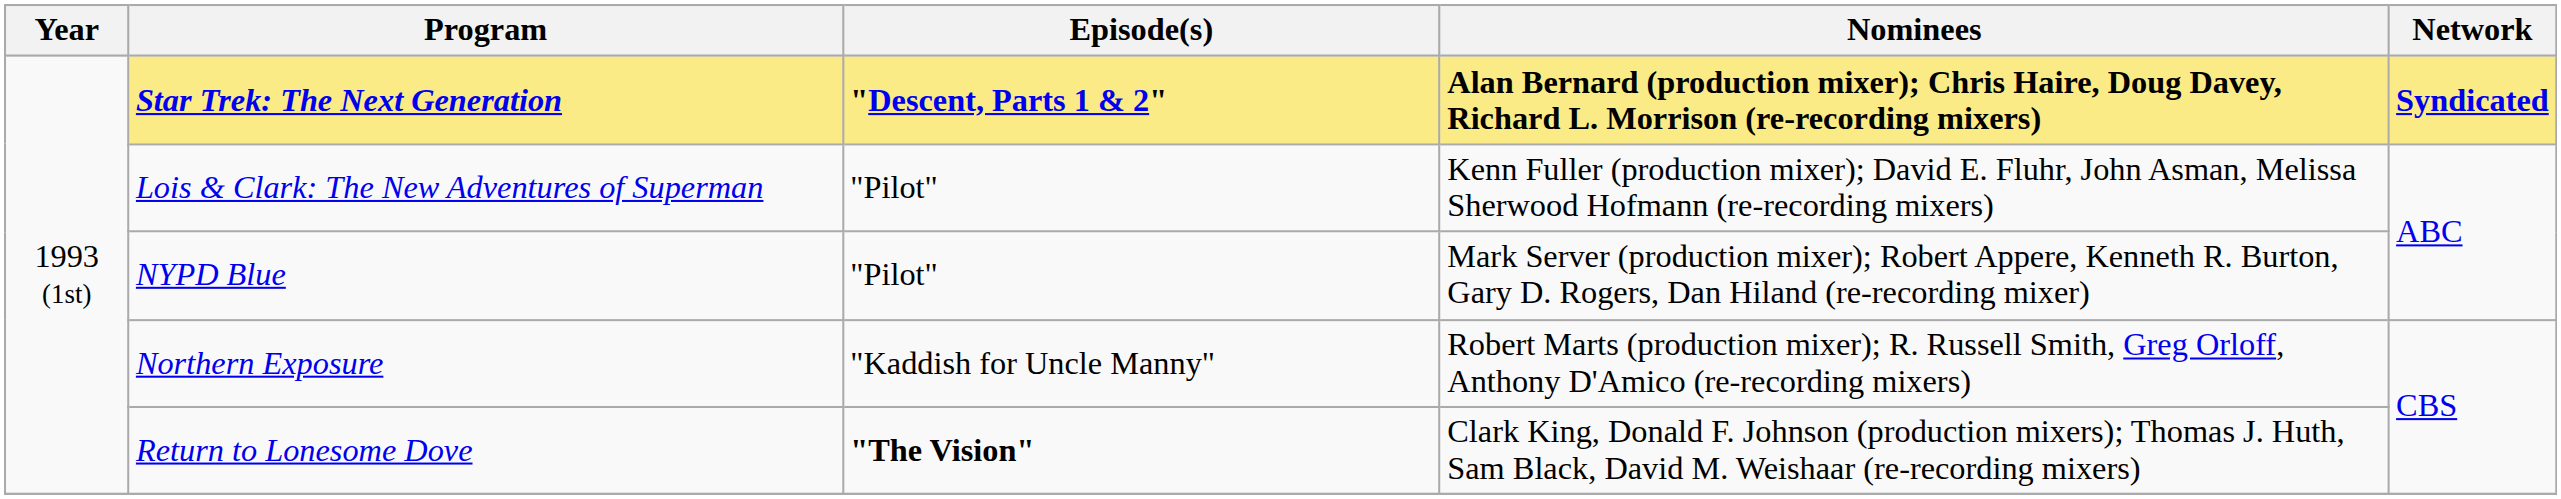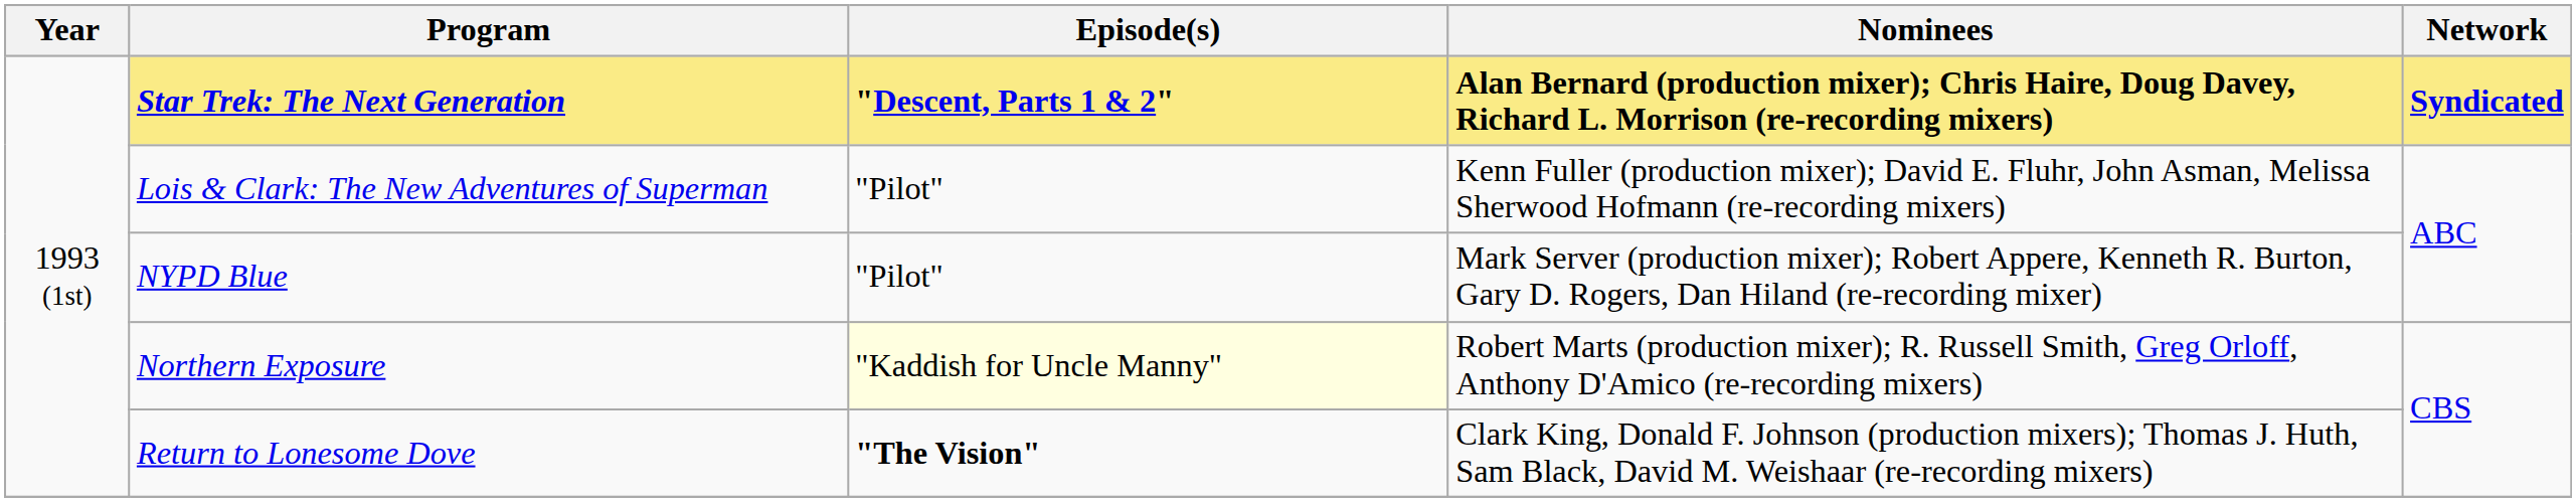 <table class="wikitable" style="width:100%">
 <tr bgcolor="#bebebe">
 <th width="5%">Year</th>
 <th width="30%">Program</th>
 <th width="25%">Episode(s)</th>
 <th width="40%">Nominees</th>
 <th width="5%">Network</th>
 </tr>
 <tr>
 <td rowspan="5" style="text-align:center;">1993<br><small>(1st)</small><br></td>
 <td style="background:#FAEB86;"><strong><em><a href='#'>Star Trek: The Next Generation</a></em></strong></td>
 <td style="background:#FAEB86;"><strong>"<a href='#'>Descent, Parts 1 & 2</a>"</strong></td>
 <td style="background:#FAEB86;"><strong>Alan Bernard (production mixer); Chris Haire, Doug Davey, Richard L. Morrison (re-recording mixers)</strong></td>
 <td style="background:#FAEB86;"><strong><a href='#'>Syndicated</a></strong></td>
 </tr>
 <tr>
 <td><em><a href='#'>Lois & Clark: The New Adventures of Superman</a></em></td>
 <td>"Pilot"</td>
 <td>Kenn Fuller (production mixer); David E. Fluhr, John Asman, Melissa Sherwood Hofmann (re-recording mixers)</td>
 <td rowspan="2"><a href='#'>ABC</a></td>
 </tr>
 <tr>
 <td><em><a href='#'>NYPD Blue</a></em></td>
 <td>"Pilot"</td>
 <td>Mark Server (production mixer); Robert Appere, Kenneth R. Burton, Gary D. Rogers, Dan Hiland (re-recording mixer)</td>
 </tr>
 <tr>
 <td><em><a href='#'>Northern Exposure</a></em></td>
-<td>"Kaddish for Uncle Manny"</td>
+<td style="background: lightyellow;">"Kaddish for Uncle Manny"</td>
 <td>Robert Marts (production mixer); R. Russell Smith, <a href='#'>Greg Orloff</a>, Anthony D'Amico (re-recording mixers)</td>
 <td rowspan="2"><a href='#'>CBS</a></td>
 </tr>
 <tr>
 <td><em><a href='#'>Return to Lonesome Dove</a></em></td>
 <td><strong>"The Vision"</strong></td>
 <td>Clark King, Donald F. Johnson (production mixers); Thomas J. Huth, Sam Black, David M. Weishaar (re-recording mixers)</td>
 </tr>
 <tr>
 </tr>
 </table>
